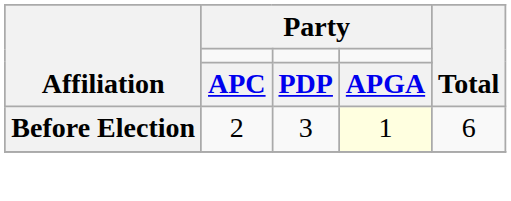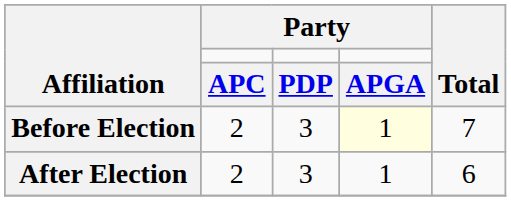 <table class=wikitable style="text-align:center">
 <tr style="vertical-align:bottom;">
 <th rowspan=3>Affiliation</th>
 <th colspan="3">Party</th>
 <th rowspan=3>Total</th>
 </tr>
 <tr>
 <td style="background-color:"></td>
 <td style="background-color:"></td>
 <td style="background-color:"></td>
 </tr>
 <tr>
 <th><a href='#'>APC</a></th>
 <th><a href='#'>PDP</a></th>
 <th><a href='#'>APGA</a></th>
 </tr>
 <tr>
 <th>Before Election</th>
 <td>2</td>
 <td>3</td>
 <td style="background: lightyellow;">1</td>
+<td>7</td>
+</tr>
+<tr>
+<th>After Election</th>
+<td>2</td>
+<td>3</td>
+<td>1</td>
 <td>6</td>
 </tr>
 <tr>
 </tr>
 </table>
